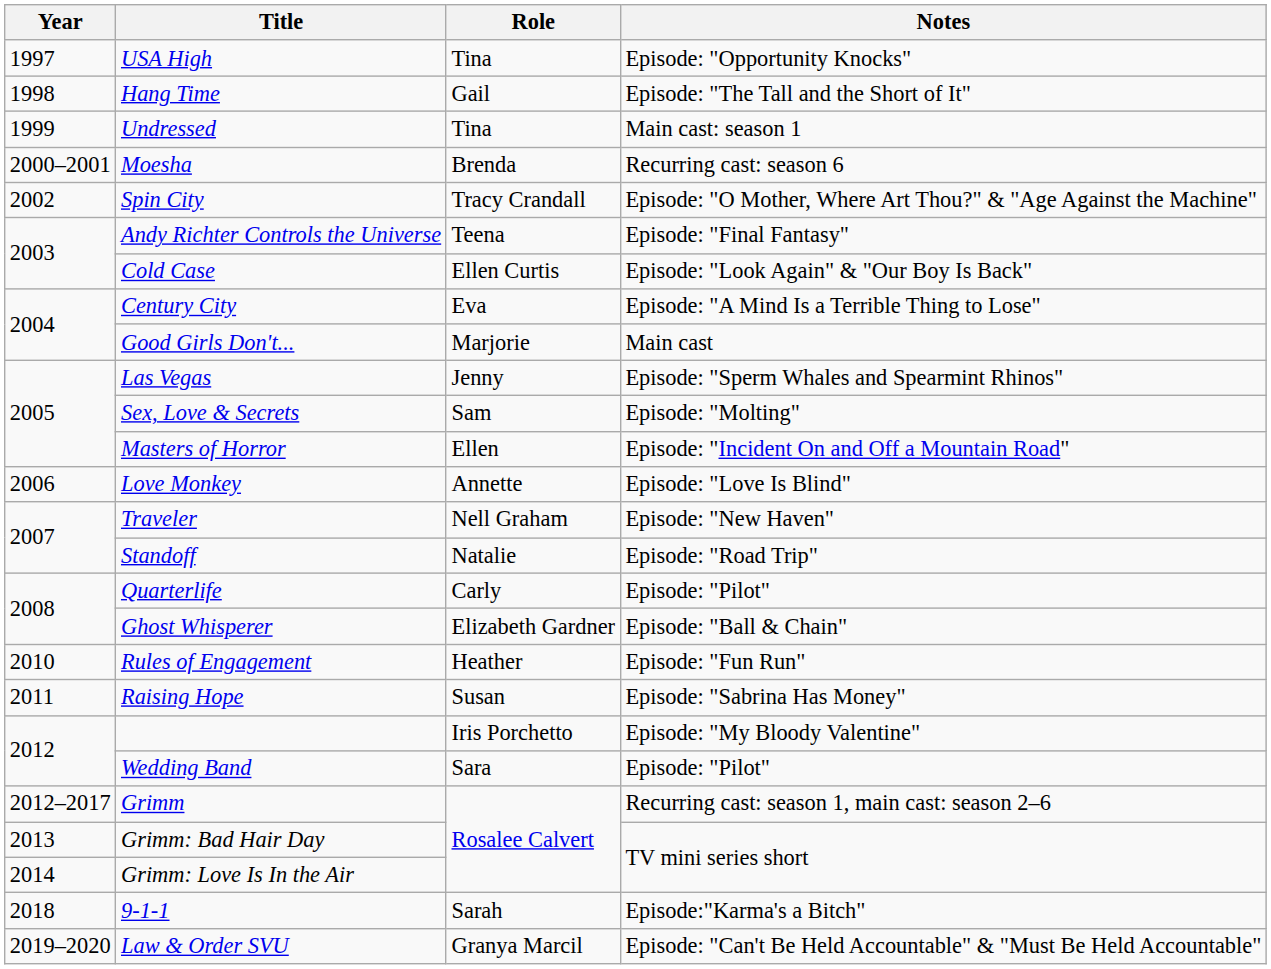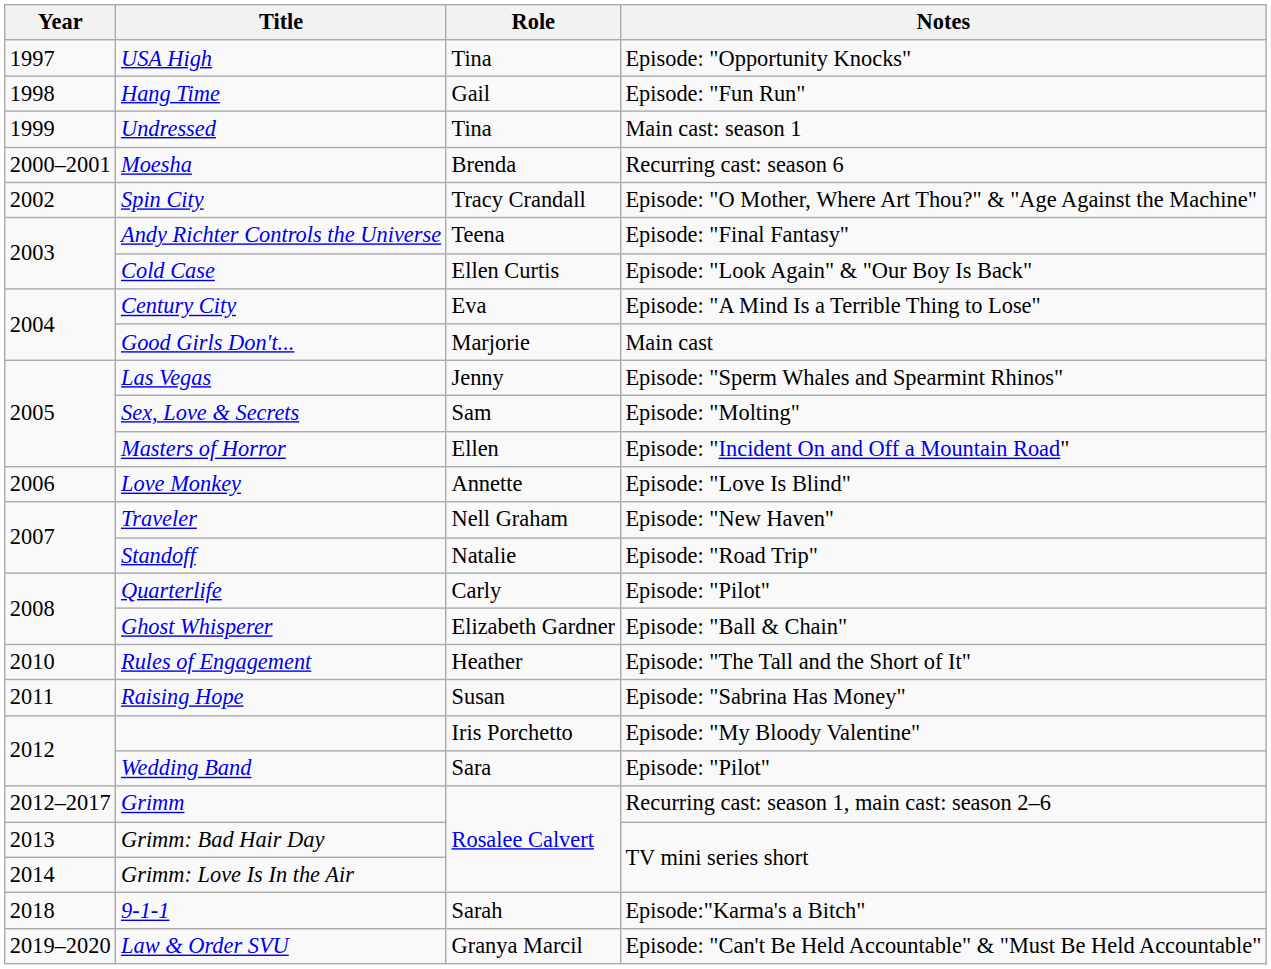 <table class="wikitable sortable">
 <tr>
 <th>Year</th>
 <th>Title</th>
 <th>Role</th>
 <th class="unsortable">Notes</th>
 </tr>
 <tr>
 <td>1997</td>
 <td><em><a href='#'>USA High</a></em></td>
 <td>Tina</td>
 <td>Episode: "Opportunity Knocks"</td>
 </tr>
 <tr>
 <td>1998</td>
 <td><em><a href='#'>Hang Time</a></em></td>
 <td>Gail</td>
-<td>Episode: "The Tall and the Short of It"</td>
+<td>Episode: "Fun Run"</td>
 </tr>
 <tr>
 <td>1999</td>
 <td><em><a href='#'>Undressed</a></em></td>
 <td>Tina</td>
 <td>Main cast: season 1</td>
 </tr>
 <tr>
 <td>2000–2001</td>
 <td><em><a href='#'>Moesha</a></em></td>
 <td>Brenda</td>
 <td>Recurring cast: season 6</td>
 </tr>
 <tr>
 <td>2002</td>
 <td><em><a href='#'>Spin City</a></em></td>
 <td>Tracy Crandall</td>
 <td>Episode: "O Mother, Where Art Thou?" & "Age Against the Machine"</td>
 </tr>
 <tr>
 <td rowspan=2>2003</td>
 <td><em><a href='#'>Andy Richter Controls the Universe</a></em></td>
 <td>Teena</td>
 <td>Episode: "Final Fantasy"</td>
 </tr>
 <tr>
 <td><em><a href='#'>Cold Case</a></em></td>
 <td>Ellen Curtis</td>
 <td>Episode: "Look Again" & "Our Boy Is Back"</td>
 </tr>
 <tr>
 <td rowspan=2>2004</td>
 <td><em><a href='#'>Century City</a></em></td>
 <td>Eva</td>
 <td>Episode: "A Mind Is a Terrible Thing to Lose"</td>
 </tr>
 <tr>
 <td><em><a href='#'>Good Girls Don't...</a></em></td>
 <td>Marjorie</td>
 <td>Main cast</td>
 </tr>
 <tr>
 <td rowspan=3>2005</td>
 <td><em><a href='#'>Las Vegas</a></em></td>
 <td>Jenny</td>
 <td>Episode: "Sperm Whales and Spearmint Rhinos"</td>
 </tr>
 <tr>
 <td><em><a href='#'>Sex, Love & Secrets</a></em></td>
 <td>Sam</td>
 <td>Episode: "Molting"</td>
 </tr>
 <tr>
 <td><em><a href='#'>Masters of Horror</a></em></td>
 <td>Ellen</td>
 <td>Episode: "<a href='#'>Incident On and Off a Mountain Road</a>"</td>
 </tr>
 <tr>
 <td>2006</td>
 <td><em><a href='#'>Love Monkey</a></em></td>
 <td>Annette</td>
 <td>Episode: "Love Is Blind"</td>
 </tr>
 <tr>
 <td rowspan=2>2007</td>
 <td><em><a href='#'>Traveler</a></em></td>
 <td>Nell Graham</td>
 <td>Episode: "New Haven"</td>
 </tr>
 <tr>
 <td><em><a href='#'>Standoff</a></em></td>
 <td>Natalie</td>
 <td>Episode: "Road Trip"</td>
 </tr>
 <tr>
 <td rowspan=2>2008</td>
 <td><em><a href='#'>Quarterlife</a></em></td>
 <td>Carly</td>
 <td>Episode: "Pilot"</td>
 </tr>
 <tr>
 <td><em><a href='#'>Ghost Whisperer</a></em></td>
 <td>Elizabeth Gardner</td>
 <td>Episode: "Ball & Chain"</td>
 </tr>
 <tr>
 <td>2010</td>
 <td><em><a href='#'>Rules of Engagement</a></em></td>
 <td>Heather</td>
-<td>Episode: "Fun Run"</td>
+<td>Episode: "The Tall and the Short of It"</td>
 </tr>
 <tr>
 <td>2011</td>
 <td><em><a href='#'>Raising Hope</a></em></td>
 <td>Susan</td>
 <td>Episode: "Sabrina Has Money"</td>
 </tr>
 <tr>
 <td rowspan=2>2012</td>
 <td><em></em></td>
 <td>Iris Porchetto</td>
 <td>Episode: "My Bloody Valentine"</td>
 </tr>
 <tr>
 <td><em><a href='#'>Wedding Band</a></em></td>
 <td>Sara</td>
 <td>Episode: "Pilot"</td>
 </tr>
 <tr>
 <td>2012–2017</td>
 <td><em><a href='#'>Grimm</a></em></td>
 <td rowspan=3><a href='#'>Rosalee Calvert</a></td>
 <td>Recurring cast: season 1, main cast: season 2–6</td>
 </tr>
 <tr>
 <td>2013</td>
 <td><em>Grimm: Bad Hair Day</em></td>
 <td rowspan=2>TV mini series short</td>
 </tr>
 <tr>
 <td>2014</td>
 <td><em>Grimm: Love Is In the Air</em></td>
 </tr>
 <tr>
 <td>2018</td>
 <td><em><a href='#'>9-1-1</a></em></td>
 <td>Sarah</td>
 <td>Episode:"Karma's a Bitch"</td>
 </tr>
 <tr>
 <td>2019–2020</td>
 <td><em><a href='#'>Law & Order SVU</a></em></td>
 <td>Granya Marcil</td>
 <td>Episode: "Can't Be Held Accountable" & "Must Be Held Accountable"</td>
 </tr>
 </table>
